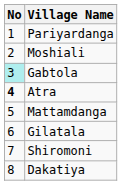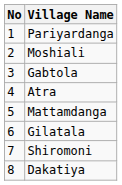 <table class="wikitable">
 <tr>
 <th>No</th>
 <th>Village Name</th>
 </tr>
 <tr>
 <td>1</td>
 <td>Pariyardanga</td>
 </tr>
 <tr>
 <td>2</td>
 <td>Moshiali</td>
 </tr>
 <tr>
-<td style="background: paleturquoise;">3</td>
+<td>3</td>
 <td>Gabtola</td>
 </tr>
 <tr>
-<td><strong>4</strong></td>
+<td>4</td>
 <td>Atra</td>
 </tr>
 <tr>
 <td>5</td>
 <td>Mattamdanga</td>
 </tr>
 <tr>
 <td>6</td>
 <td>Gilatala</td>
 </tr>
 <tr>
 <td>7</td>
 <td>Shiromoni</td>
 </tr>
 <tr>
 <td>8</td>
 <td>Dakatiya</td>
 </tr>
 </table>
